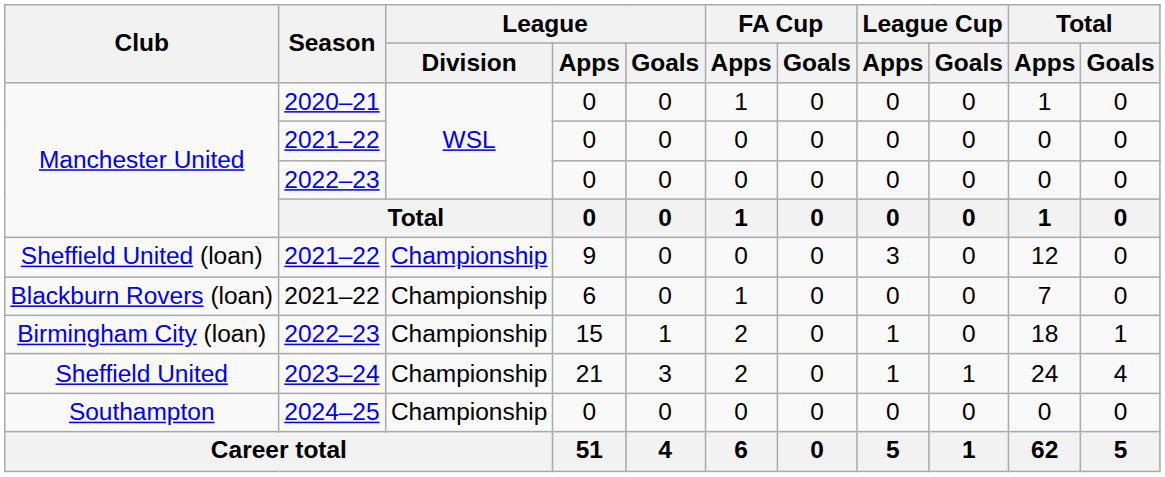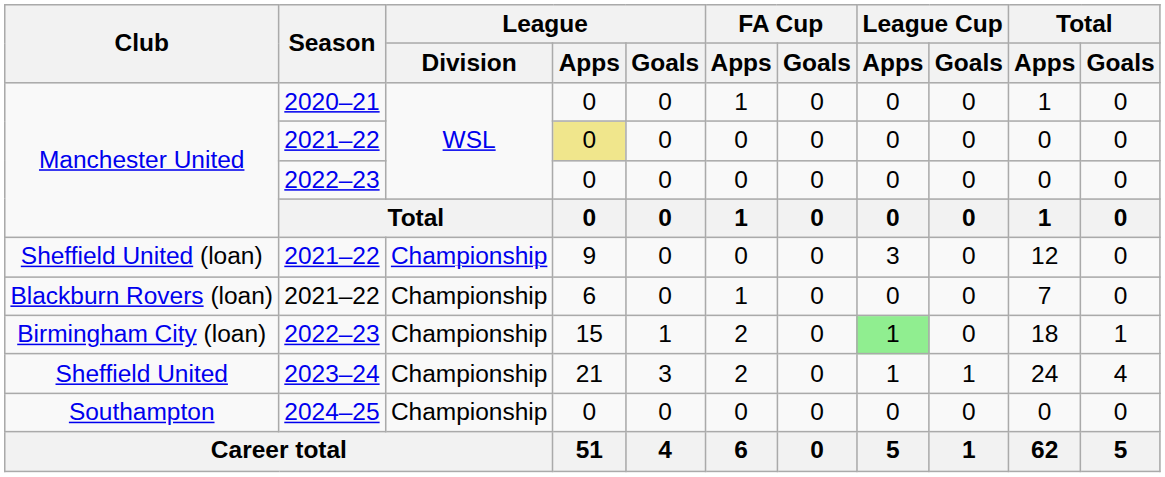 <table class="wikitable" style="text-align:center">
 <tr>
 <th rowspan="2">Club</th>
 <th rowspan="2">Season</th>
 <th colspan="3">League</th>
 <th colspan="2">FA Cup</th>
 <th colspan="2">League Cup</th>
 <th colspan="2">Total</th>
 </tr>
 <tr>
 <th>Division</th>
 <th>Apps</th>
 <th>Goals</th>
 <th>Apps</th>
 <th>Goals</th>
 <th>Apps</th>
 <th>Goals</th>
 <th>Apps</th>
 <th>Goals</th>
 </tr>
 <tr>
 <td rowspan="4"><a href='#'>Manchester United</a></td>
 <td><a href='#'>2020–21</a></td>
 <td rowspan="3"><a href='#'>WSL</a></td>
 <td>0</td>
 <td>0</td>
 <td>1</td>
 <td>0</td>
 <td>0</td>
 <td>0</td>
 <td>1</td>
 <td>0</td>
 </tr>
 <tr>
 <td><a href='#'>2021–22</a></td>
-<td>0</td>
+<td style="background: khaki;">0</td>
 <td>0</td>
 <td>0</td>
 <td>0</td>
 <td>0</td>
 <td>0</td>
 <td>0</td>
 <td>0</td>
 </tr>
 <tr>
 <td><a href='#'>2022–23</a></td>
 <td>0</td>
 <td>0</td>
 <td>0</td>
 <td>0</td>
 <td>0</td>
 <td>0</td>
 <td>0</td>
 <td>0</td>
 </tr>
 <tr>
 <th colspan="2">Total</th>
 <th>0</th>
 <th>0</th>
 <th>1</th>
 <th>0</th>
 <th>0</th>
 <th>0</th>
 <th>1</th>
 <th>0</th>
 </tr>
 <tr>
 <td><a href='#'>Sheffield United</a> (loan)</td>
 <td><a href='#'>2021–22</a></td>
 <td><a href='#'>Championship</a></td>
 <td>9</td>
 <td>0</td>
 <td>0</td>
 <td>0</td>
 <td>3</td>
 <td>0</td>
 <td>12</td>
 <td>0</td>
 </tr>
 <tr>
 <td><a href='#'>Blackburn Rovers</a> (loan)</td>
 <td>2021–22</td>
 <td>Championship</td>
 <td>6</td>
 <td>0</td>
 <td>1</td>
 <td>0</td>
 <td>0</td>
 <td>0</td>
 <td>7</td>
 <td>0</td>
 </tr>
 <tr>
 <td><a href='#'>Birmingham City</a> (loan)</td>
 <td><a href='#'>2022–23</a></td>
 <td>Championship</td>
 <td>15</td>
 <td>1</td>
 <td>2</td>
 <td>0</td>
-<td>1</td>
+<td style="background: lightgreen;">1</td>
 <td>0</td>
 <td>18</td>
 <td>1</td>
 </tr>
 <tr>
 <td><a href='#'>Sheffield United</a></td>
 <td><a href='#'>2023–24</a></td>
 <td>Championship</td>
 <td>21</td>
 <td>3</td>
 <td>2</td>
 <td>0</td>
 <td>1</td>
 <td>1</td>
 <td>24</td>
 <td>4</td>
 </tr>
 <tr>
 <td><a href='#'>Southampton</a></td>
 <td><a href='#'>2024–25</a></td>
 <td>Championship</td>
 <td>0</td>
 <td>0</td>
 <td>0</td>
 <td>0</td>
 <td>0</td>
 <td>0</td>
 <td>0</td>
 <td>0</td>
 </tr>
 <tr>
 <th colspan="3">Career total</th>
 <th>51</th>
 <th>4</th>
 <th>6</th>
 <th>0</th>
 <th>5</th>
 <th>1</th>
 <th>62</th>
 <th>5</th>
 </tr>
 </table>
